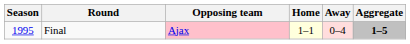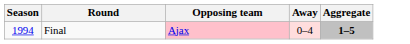 <table class="wikitable">
 <tr>
 <th>Season</th>
 <th width=175>Round</th>
 <th width=175>Opposing team</th>
-<th>Home</th>
 <th>Away</th>
 <th>Aggregate</th>
 </tr>
 <tr>
-<td align=center><a href='#'>1995</a></td>
+<td align=center><a href='#'>1994</a></td>
 <td>Final</td>
 <td style="background: pink;"> <a href='#'>Ajax</a></td>
-<td style="text-align:center; background:#ffd;">1–1</td>
 <td style="text-align:center; background:#fdd;">0–4</td>
 <td bgcolor="silver" style="text-align:center;"><strong>1–5</strong></td>
 </tr>
 </table>
